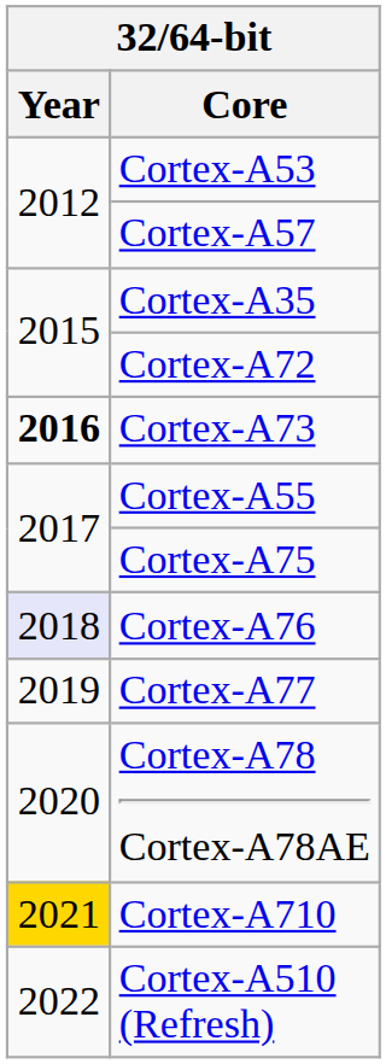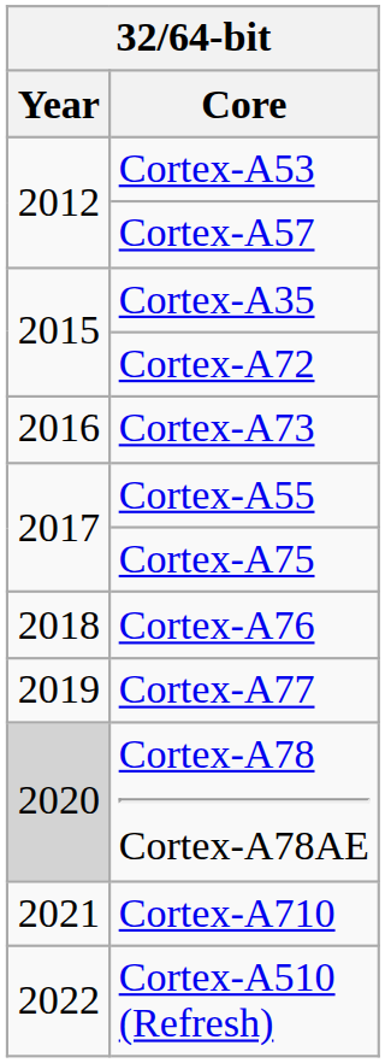 <table class="wikitable" border="1" style="float:right; margin-left:9px;">
 <tr>
 <th colspan=2>32/64-bit</th>
 </tr>
 <tr>
 <th>Year</th>
 <th>Core</th>
 </tr>
 <tr>
 <td rowspan=2>2012</td>
 <td><a href='#'>Cortex-A53</a></td>
 </tr>
 <tr>
 <td><a href='#'>Cortex-A57</a></td>
 </tr>
 <tr>
 <td rowspan=2>2015</td>
 <td><a href='#'>Cortex-A35</a></td>
 </tr>
 <tr>
 <td><a href='#'>Cortex-A72</a></td>
 </tr>
 <tr>
-<td><strong>2016</strong></td>
+<td>2016</td>
 <td><a href='#'>Cortex-A73</a></td>
 </tr>
 <tr>
 <td rowspan=2>2017</td>
 <td><a href='#'>Cortex-A55</a></td>
 </tr>
 <tr>
 <td><a href='#'>Cortex-A75</a></td>
 </tr>
 <tr>
-<td style="background: lavender;">2018</td>
+<td>2018</td>
 <td><a href='#'>Cortex-A76</a></td>
 </tr>
 <tr>
 <td>2019</td>
 <td><a href='#'>Cortex-A77</a></td>
 </tr>
 <tr>
-<td>2020</td>
+<td style="background: lightgrey;">2020</td>
 <td><a href='#'>Cortex-A78</a> <hr>Cortex-A78AE</td>
 </tr>
 <tr>
-<td style="background: gold;">2021</td>
+<td>2021</td>
 <td><a href='#'>Cortex-A710</a></td>
 </tr>
 <tr>
 <td>2022</td>
 <td><a href='#'>Cortex-A510 <br>(Refresh)</a></td>
 </tr>
 </table>
